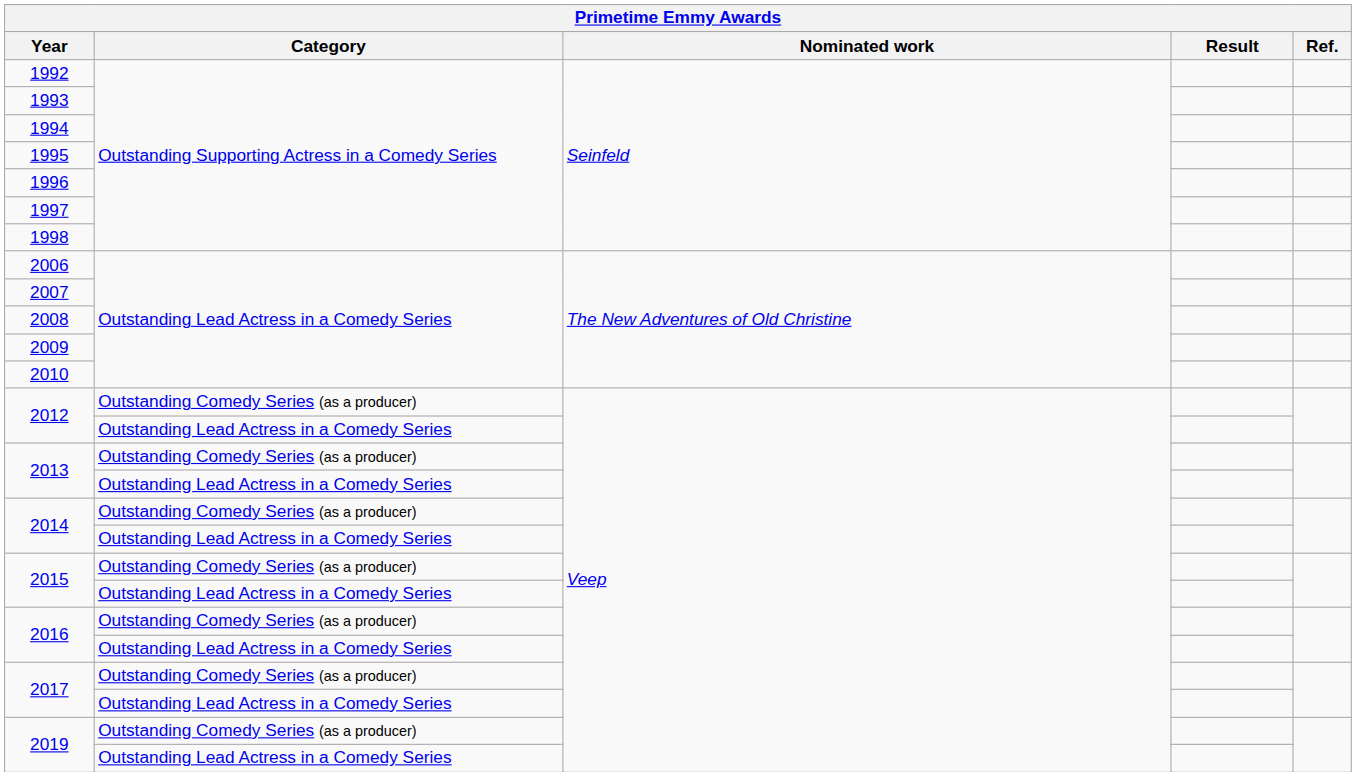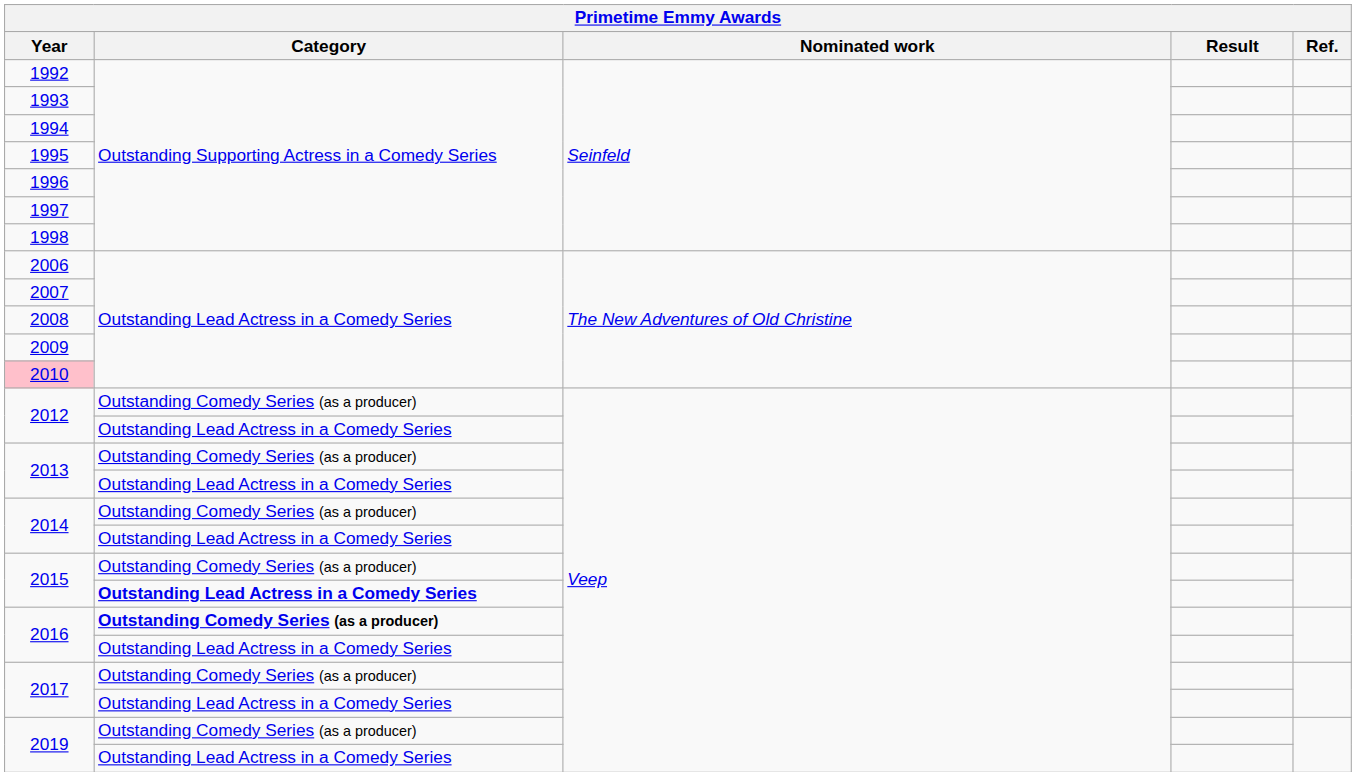 <table class=wikitable>
 <tr>
 <th colspan=5><a href='#'>Primetime Emmy Awards</a></th>
 </tr>
 <tr>
 <th scope="col" style="width:5em;">Year</th>
 <th scope="col" style="width:29em;">Category</th>
 <th scope="col" style="width:38em;">Nominated work</th>
 <th scope="col" style="width:7em;">Result</th>
 <th scope="col" style="width:3em;">Ref.</th>
 </tr>
 <tr>
 <td align="center"><a href='#'>1992</a></td>
 <td rowspan="7"><a href='#'>Outstanding Supporting Actress in a Comedy Series</a></td>
 <td rowspan=7><em><a href='#'>Seinfeld</a></em></td>
 <td></td>
 <td align="center"></td>
 </tr>
 <tr>
 <td align="center"><a href='#'>1993</a></td>
 <td></td>
 <td align="center"></td>
 </tr>
 <tr>
 <td align="center"><a href='#'>1994</a></td>
 <td></td>
 <td align="center"></td>
 </tr>
 <tr>
 <td align="center"><a href='#'>1995</a></td>
 <td></td>
 <td align="center"></td>
 </tr>
 <tr>
 <td align="center"><a href='#'>1996</a></td>
 <td></td>
 <td align="center"></td>
 </tr>
 <tr>
 <td align="center"><a href='#'>1997</a></td>
 <td></td>
 <td align="center"></td>
 </tr>
 <tr>
 <td align="center"><a href='#'>1998</a></td>
 <td></td>
 <td align="center"></td>
 </tr>
 <tr>
 <td align="center"><a href='#'>2006</a></td>
 <td rowspan="5"><a href='#'>Outstanding Lead Actress in a Comedy Series</a></td>
 <td rowspan="5"><em><a href='#'>The New Adventures of Old Christine</a></em></td>
 <td></td>
 <td align="center"></td>
 </tr>
 <tr>
 <td align="center"><a href='#'>2007</a></td>
 <td></td>
 <td align="center"></td>
 </tr>
 <tr>
 <td align="center"><a href='#'>2008</a></td>
 <td></td>
 <td align="center"></td>
 </tr>
 <tr>
 <td align="center"><a href='#'>2009</a></td>
 <td></td>
 <td align="center"></td>
 </tr>
 <tr>
-<td align="center"><a href='#'>2010</a></td>
+<td align="center" style="background: pink;"><a href='#'>2010</a></td>
 <td></td>
 <td align="center"></td>
 </tr>
 <tr>
 <td rowspan="2" align="center"><a href='#'>2012</a></td>
 <td><a href='#'>Outstanding Comedy Series</a> <small> (as a producer) </small></td>
 <td rowspan=14><em><a href='#'>Veep</a></em></td>
 <td></td>
 <td rowspan="2" align="center"></td>
 </tr>
 <tr>
 <td><a href='#'>Outstanding Lead Actress in a Comedy Series</a></td>
 <td></td>
 </tr>
 <tr>
 <td rowspan="2" align="center"><a href='#'>2013</a></td>
 <td><a href='#'>Outstanding Comedy Series</a> <small> (as a producer) </small></td>
 <td></td>
 <td rowspan="2" align="center"></td>
 </tr>
 <tr>
 <td><a href='#'>Outstanding Lead Actress in a Comedy Series</a></td>
 <td></td>
 </tr>
 <tr>
 <td rowspan="2" align="center"><a href='#'>2014</a></td>
 <td><a href='#'>Outstanding Comedy Series</a> <small> (as a producer) </small></td>
 <td></td>
 <td rowspan="2" align="center"></td>
 </tr>
 <tr>
 <td><a href='#'>Outstanding Lead Actress in a Comedy Series</a></td>
 <td></td>
 </tr>
 <tr>
 <td rowspan="2" align="center"><a href='#'>2015</a></td>
 <td><a href='#'>Outstanding Comedy Series</a> <small> (as a producer) </small></td>
 <td></td>
 <td rowspan="2" align="center"></td>
 </tr>
 <tr>
-<td><a href='#'>Outstanding Lead Actress in a Comedy Series</a></td>
+<td><strong><a href='#'>Outstanding Lead Actress in a Comedy Series</a></strong></td>
 <td></td>
 </tr>
 <tr>
 <td rowspan="2" align="center"><a href='#'>2016</a></td>
-<td><a href='#'>Outstanding Comedy Series</a> <small> (as a producer) </small></td>
+<td><strong><a href='#'>Outstanding Comedy Series</a> <small> (as a producer) </small></strong></td>
 <td></td>
 <td rowspan="2" align="center"></td>
 </tr>
 <tr>
 <td><a href='#'>Outstanding Lead Actress in a Comedy Series</a></td>
 <td></td>
 </tr>
 <tr>
 <td rowspan="2" align="center"><a href='#'>2017</a></td>
 <td><a href='#'>Outstanding Comedy Series</a> <small> (as a producer) </small></td>
 <td></td>
 <td rowspan="2" align="center"></td>
 </tr>
 <tr>
 <td><a href='#'>Outstanding Lead Actress in a Comedy Series</a></td>
 <td></td>
 </tr>
 <tr>
 <td rowspan="2" align="center"><a href='#'>2019</a></td>
 <td><a href='#'>Outstanding Comedy Series</a> <small> (as a producer) </small></td>
 <td></td>
 <td rowspan="2" align="center"></td>
 </tr>
 <tr>
 <td><a href='#'>Outstanding Lead Actress in a Comedy Series</a></td>
 <td></td>
 </tr>
 <tr>
 </tr>
 </table>
